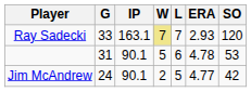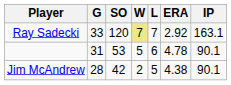 <table class="wikitable sortable">
 <tr>
 <th>Player</th>
 <th>G</th>
-<th>IP</th>
+<th>SO</th>
 <th>W</th>
 <th>L</th>
 <th>ERA</th>
-<th>SO</th>
+<th>IP</th>
 </tr>
 <tr align="center">
 <td><a href='#'>Ray Sadecki</a></td>
 <td>33</td>
-<td>163.1</td>
+<td>120</td>
 <td style="background: khaki;">7</td>
 <td>7</td>
-<td>2.93</td>
-<td>120</td>
+<td>2.92</td>
+<td>163.1</td>
 </tr>
 <tr align=center>
 <td></td>
 <td>31</td>
-<td>90.1</td>
+<td>53</td>
 <td>5</td>
 <td>6</td>
 <td>4.78</td>
-<td>53</td>
+<td>90.1</td>
 </tr>
 <tr align="center">
 <td><a href='#'>Jim McAndrew</a></td>
-<td>24</td>
-<td>90.1</td>
+<td>28</td>
+<td>42</td>
 <td>2</td>
 <td>5</td>
-<td>4.77</td>
-<td>42</td>
+<td>4.38</td>
+<td>90.1</td>
 </tr>
 </table>
